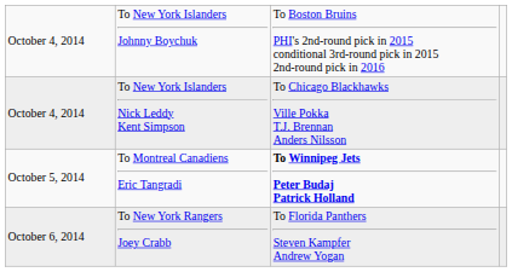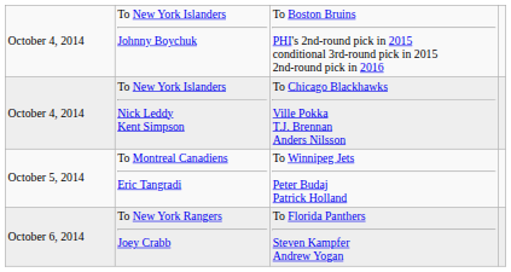 <table class="wikitable" style="border:1px solid #999999; width:680px;">
 <tr>
 <td>October 4, 2014</td>
 <td valign="top">To <a href='#'>New York Islanders</a><hr><a href='#'>Johnny Boychuk</a></td>
 <td valign="top">To <a href='#'>Boston Bruins</a><hr><a href='#'>PHI</a>'s 2nd-round pick in <a href='#'>2015</a><br>conditional 3rd-round pick in 2015<br>2nd-round pick in <a href='#'>2016</a></td>
 <td></td>
 </tr>
 <tr bgcolor="eeeeee">
 <td>October 4, 2014</td>
 <td valign="top">To <a href='#'>New York Islanders</a><hr><a href='#'>Nick Leddy</a><br><a href='#'>Kent Simpson</a></td>
 <td valign="top">To <a href='#'>Chicago Blackhawks</a><hr><a href='#'>Ville Pokka</a><br><a href='#'>T.J. Brennan</a><br><a href='#'>Anders Nilsson</a></td>
 <td></td>
 </tr>
 <tr>
 <td>October 5, 2014</td>
 <td valign="top">To <a href='#'>Montreal Canadiens</a><hr><a href='#'>Eric Tangradi</a></td>
-<td valign="top"><strong>To <a href='#'>Winnipeg Jets</a><hr><a href='#'>Peter Budaj</a><br><a href='#'>Patrick Holland</a></strong></td>
+<td valign="top">To <a href='#'>Winnipeg Jets</a><hr><a href='#'>Peter Budaj</a><br><a href='#'>Patrick Holland</a></td>
 <td></td>
 </tr>
 <tr bgcolor="eeeeee">
 <td>October 6, 2014</td>
 <td valign="top">To <a href='#'>New York Rangers</a><hr><a href='#'>Joey Crabb</a></td>
 <td valign="top">To <a href='#'>Florida Panthers</a><hr><a href='#'>Steven Kampfer</a><br><a href='#'>Andrew Yogan</a></td>
 <td></td>
 </tr>
 </table>
